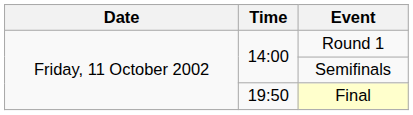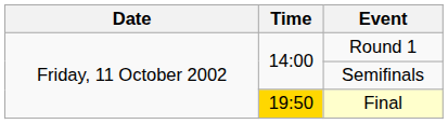 <table class = "wikitable" style="text-align:center;">
 <tr>
 <th width=220>Date</th>
 <th width=50>Time</th>
 <th width=100>Event</th>
 </tr>
 <tr>
 <td rowspan=3>Friday, 11 October 2002</td>
 <td rowspan=2>14:00</td>
 <td>Round 1</td>
 </tr>
 <tr>
 <td>Semifinals</td>
 </tr>
 <tr>
-<td>19:50</td>
+<td style="background: gold;">19:50</td>
 <td bgcolor=ffffcc>Final</td>
 </tr>
 </table>
